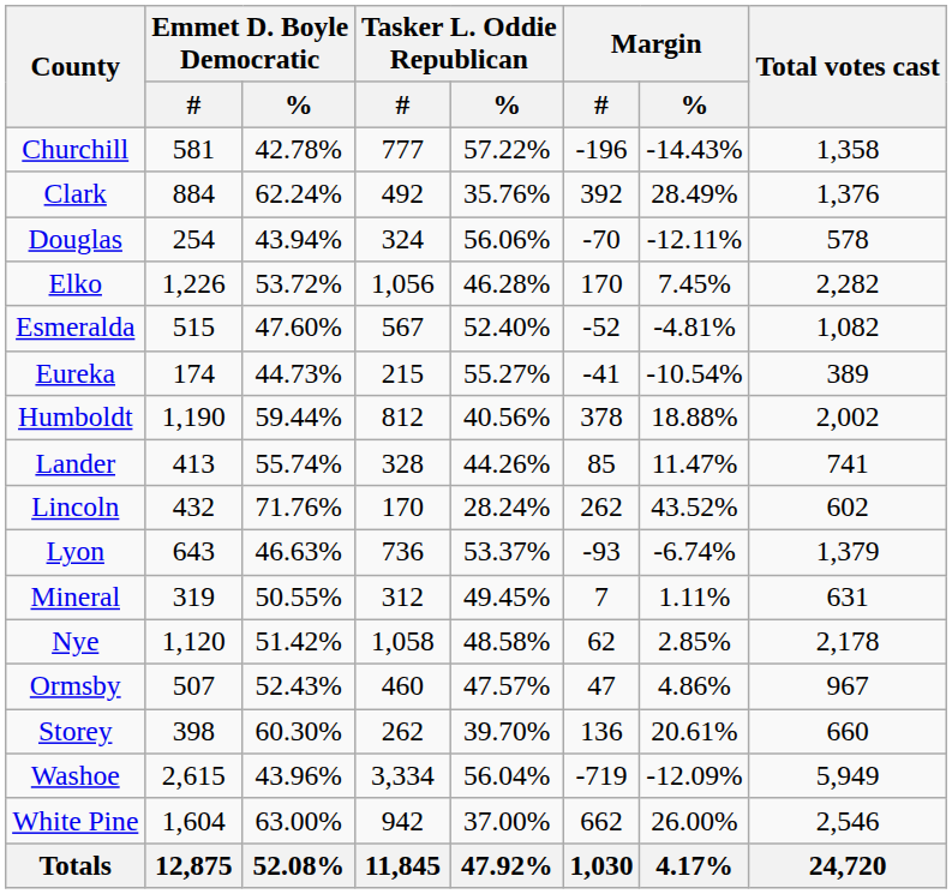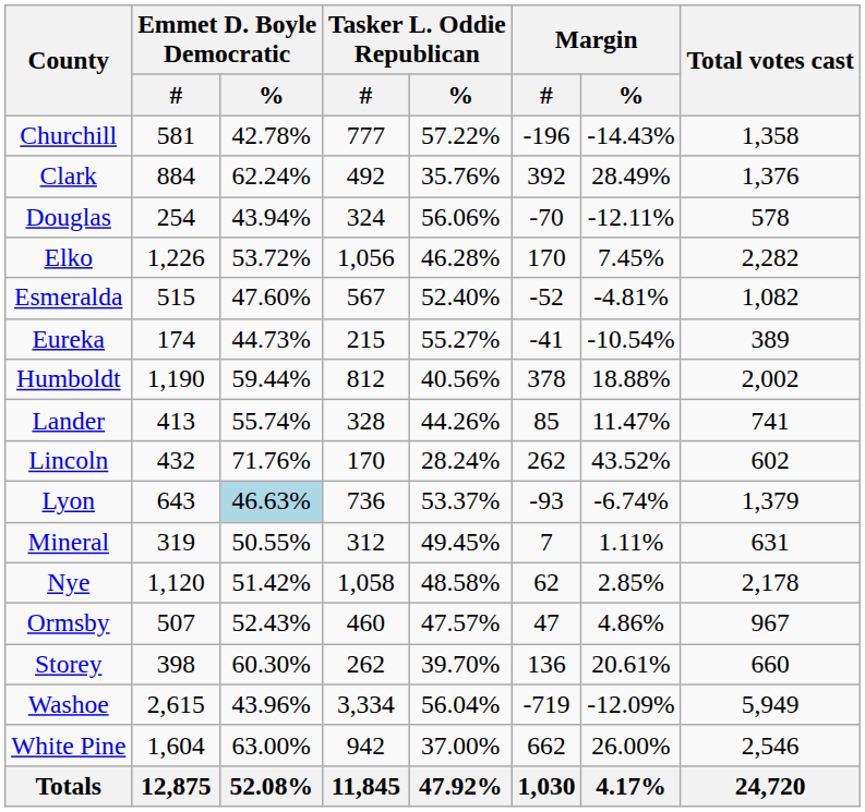 <table class="wikitable sortable" style="text-align:center">
 <tr>
 <th rowspan="2">County</th>
 <th style="text-align:center;" colspan="2">Emmet D. Boyle<br>Democratic</th>
 <th style="text-align:center;" colspan="2">Tasker L. Oddie<br>Republican</th>
 <th style="text-align:center;" colspan="2">Margin</th>
 <th style="text-align:center;" rowspan="2">Total votes cast</th>
 </tr>
 <tr>
 <th style="text-align:center;" data-sort-type="number">#</th>
 <th style="text-align:center;" data-sort-type="number">%</th>
 <th style="text-align:center;" data-sort-type="number">#</th>
 <th style="text-align:center;" data-sort-type="number">%</th>
 <th style="text-align:center;" data-sort-type="number">#</th>
 <th style="text-align:center;" data-sort-type="number">%</th>
 </tr>
 <tr style="text-align:center;">
 <td><a href='#'>Churchill</a></td>
 <td>581</td>
 <td>42.78%</td>
 <td>777</td>
 <td>57.22%</td>
 <td>-196</td>
 <td>-14.43%</td>
 <td>1,358</td>
 </tr>
 <tr style="text-align:center;">
 <td><a href='#'>Clark</a></td>
 <td>884</td>
 <td>62.24%</td>
 <td>492</td>
 <td>35.76%</td>
 <td>392</td>
 <td>28.49%</td>
 <td>1,376</td>
 </tr>
 <tr style="text-align:center;">
 <td><a href='#'>Douglas</a></td>
 <td>254</td>
 <td>43.94%</td>
 <td>324</td>
 <td>56.06%</td>
 <td>-70</td>
 <td>-12.11%</td>
 <td>578</td>
 </tr>
 <tr style="text-align:center;">
 <td><a href='#'>Elko</a></td>
 <td>1,226</td>
 <td>53.72%</td>
 <td>1,056</td>
 <td>46.28%</td>
 <td>170</td>
 <td>7.45%</td>
 <td>2,282</td>
 </tr>
 <tr style="text-align:center;">
 <td><a href='#'>Esmeralda</a></td>
 <td>515</td>
 <td>47.60%</td>
 <td>567</td>
 <td>52.40%</td>
 <td>-52</td>
 <td>-4.81%</td>
 <td>1,082</td>
 </tr>
 <tr style="text-align:center;">
 <td><a href='#'>Eureka</a></td>
 <td>174</td>
 <td>44.73%</td>
 <td>215</td>
 <td>55.27%</td>
 <td>-41</td>
 <td>-10.54%</td>
 <td>389</td>
 </tr>
 <tr style="text-align:center;">
 <td><a href='#'>Humboldt</a></td>
 <td>1,190</td>
 <td>59.44%</td>
 <td>812</td>
 <td>40.56%</td>
 <td>378</td>
 <td>18.88%</td>
 <td>2,002</td>
 </tr>
 <tr style="text-align:center;">
 <td><a href='#'>Lander</a></td>
 <td>413</td>
 <td>55.74%</td>
 <td>328</td>
 <td>44.26%</td>
 <td>85</td>
 <td>11.47%</td>
 <td>741</td>
 </tr>
 <tr style="text-align:center;">
 <td><a href='#'>Lincoln</a></td>
 <td>432</td>
 <td>71.76%</td>
 <td>170</td>
 <td>28.24%</td>
 <td>262</td>
 <td>43.52%</td>
 <td>602</td>
 </tr>
 <tr style="text-align:center;">
 <td><a href='#'>Lyon</a></td>
 <td>643</td>
-<td>46.63%</td>
+<td style="background: lightblue;">46.63%</td>
 <td>736</td>
 <td>53.37%</td>
 <td>-93</td>
 <td>-6.74%</td>
 <td>1,379</td>
 </tr>
 <tr style="text-align:center;">
 <td><a href='#'>Mineral</a></td>
 <td>319</td>
 <td>50.55%</td>
 <td>312</td>
 <td>49.45%</td>
 <td>7</td>
 <td>1.11%</td>
 <td>631</td>
 </tr>
 <tr style="text-align:center;">
 <td><a href='#'>Nye</a></td>
 <td>1,120</td>
 <td>51.42%</td>
 <td>1,058</td>
 <td>48.58%</td>
 <td>62</td>
 <td>2.85%</td>
 <td>2,178</td>
 </tr>
 <tr style="text-align:center;">
 <td><a href='#'>Ormsby</a></td>
 <td>507</td>
 <td>52.43%</td>
 <td>460</td>
 <td>47.57%</td>
 <td>47</td>
 <td>4.86%</td>
 <td>967</td>
 </tr>
 <tr style="text-align:center;">
 <td><a href='#'>Storey</a></td>
 <td>398</td>
 <td>60.30%</td>
 <td>262</td>
 <td>39.70%</td>
 <td>136</td>
 <td>20.61%</td>
 <td>660</td>
 </tr>
 <tr style="text-align:center;">
 <td><a href='#'>Washoe</a></td>
 <td>2,615</td>
 <td>43.96%</td>
 <td>3,334</td>
 <td>56.04%</td>
 <td>-719</td>
 <td>-12.09%</td>
 <td>5,949</td>
 </tr>
 <tr style="text-align:center;">
 <td><a href='#'>White Pine</a></td>
 <td>1,604</td>
 <td>63.00%</td>
 <td>942</td>
 <td>37.00%</td>
 <td>662</td>
 <td>26.00%</td>
 <td>2,546</td>
 </tr>
 <tr style="text-align:center;">
 <th>Totals</th>
 <th>12,875</th>
 <th>52.08%</th>
 <th>11,845</th>
 <th>47.92%</th>
 <th>1,030</th>
 <th>4.17%</th>
 <th>24,720</th>
 </tr>
 </table>
